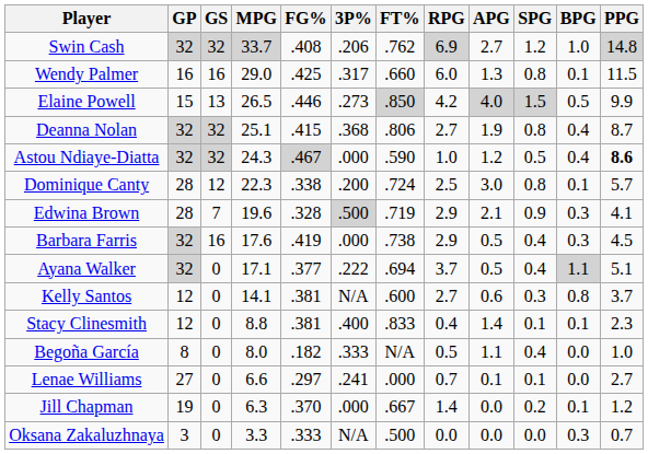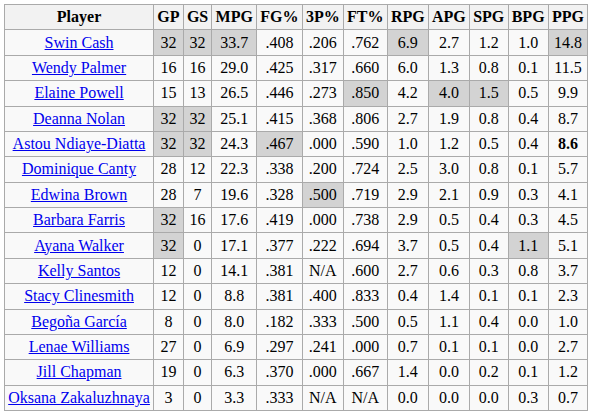 <table class="wikitable sortable" style="text-align:center;">
 <tr>
 <th>Player</th>
 <th>GP</th>
 <th>GS</th>
 <th>MPG</th>
 <th>FG%</th>
 <th>3P%</th>
 <th>FT%</th>
 <th>RPG</th>
 <th>APG</th>
 <th>SPG</th>
 <th>BPG</th>
 <th>PPG</th>
 </tr>
 <tr>
 <td><a href='#'>Swin Cash</a></td>
 <td style="background:#D3D3D3;">32</td>
 <td style="background:#D3D3D3;">32</td>
 <td style="background:#D3D3D3;">33.7</td>
 <td>.408</td>
 <td>.206</td>
 <td>.762</td>
 <td style="background:#D3D3D3;">6.9</td>
 <td>2.7</td>
 <td>1.2</td>
 <td>1.0</td>
 <td style="background:#D3D3D3;">14.8</td>
 </tr>
 <tr>
 <td><a href='#'>Wendy Palmer</a></td>
 <td>16</td>
 <td>16</td>
 <td>29.0</td>
 <td>.425</td>
 <td>.317</td>
 <td>.660</td>
 <td>6.0</td>
 <td>1.3</td>
 <td>0.8</td>
 <td>0.1</td>
 <td>11.5</td>
 </tr>
 <tr>
 <td><a href='#'>Elaine Powell</a></td>
 <td>15</td>
 <td>13</td>
 <td>26.5</td>
 <td>.446</td>
 <td>.273</td>
 <td style="background:#D3D3D3;">.850</td>
 <td>4.2</td>
 <td style="background:#D3D3D3;">4.0</td>
 <td style="background:#D3D3D3;">1.5</td>
 <td>0.5</td>
 <td>9.9</td>
 </tr>
 <tr>
 <td><a href='#'>Deanna Nolan</a></td>
 <td style="background:#D3D3D3;">32</td>
 <td style="background:#D3D3D3;">32</td>
 <td>25.1</td>
 <td>.415</td>
 <td>.368</td>
 <td>.806</td>
 <td>2.7</td>
 <td>1.9</td>
 <td>0.8</td>
 <td>0.4</td>
 <td>8.7</td>
 </tr>
 <tr>
 <td><a href='#'>Astou Ndiaye-Diatta</a></td>
 <td style="background:#D3D3D3;">32</td>
 <td style="background:#D3D3D3;">32</td>
 <td>24.3</td>
 <td style="background:#D3D3D3;">.467</td>
 <td>.000</td>
 <td>.590</td>
 <td>1.0</td>
 <td>1.2</td>
 <td>0.5</td>
 <td>0.4</td>
 <td><strong>8.6</strong></td>
 </tr>
 <tr>
 <td><a href='#'>Dominique Canty</a></td>
 <td>28</td>
 <td>12</td>
 <td>22.3</td>
 <td>.338</td>
 <td>.200</td>
 <td>.724</td>
 <td>2.5</td>
 <td>3.0</td>
 <td>0.8</td>
 <td>0.1</td>
 <td>5.7</td>
 </tr>
 <tr>
 <td><a href='#'>Edwina Brown</a></td>
 <td>28</td>
 <td>7</td>
 <td>19.6</td>
 <td>.328</td>
 <td style="background:#D3D3D3;">.500</td>
 <td>.719</td>
 <td>2.9</td>
 <td>2.1</td>
 <td>0.9</td>
 <td>0.3</td>
 <td>4.1</td>
 </tr>
 <tr>
 <td><a href='#'>Barbara Farris</a></td>
 <td style="background:#D3D3D3;">32</td>
 <td>16</td>
 <td>17.6</td>
 <td>.419</td>
 <td>.000</td>
 <td>.738</td>
 <td>2.9</td>
 <td>0.5</td>
 <td>0.4</td>
 <td>0.3</td>
 <td>4.5</td>
 </tr>
 <tr>
 <td><a href='#'>Ayana Walker</a></td>
 <td style="background:#D3D3D3;">32</td>
 <td>0</td>
 <td>17.1</td>
 <td>.377</td>
 <td>.222</td>
 <td>.694</td>
 <td>3.7</td>
 <td>0.5</td>
 <td>0.4</td>
 <td style="background:#D3D3D3;">1.1</td>
 <td>5.1</td>
 </tr>
 <tr>
 <td><a href='#'>Kelly Santos</a></td>
 <td>12</td>
 <td>0</td>
 <td>14.1</td>
 <td>.381</td>
 <td>N/A</td>
 <td>.600</td>
 <td>2.7</td>
 <td>0.6</td>
 <td>0.3</td>
 <td>0.8</td>
 <td>3.7</td>
 </tr>
 <tr>
 <td><a href='#'>Stacy Clinesmith</a></td>
 <td>12</td>
 <td>0</td>
 <td>8.8</td>
 <td>.381</td>
 <td>.400</td>
 <td>.833</td>
 <td>0.4</td>
 <td>1.4</td>
 <td>0.1</td>
 <td>0.1</td>
 <td>2.3</td>
 </tr>
 <tr>
 <td><a href='#'>Begoña García</a></td>
 <td>8</td>
 <td>0</td>
 <td>8.0</td>
 <td>.182</td>
 <td>.333</td>
-<td>N/A</td>
+<td>.500</td>
 <td>0.5</td>
 <td>1.1</td>
 <td>0.4</td>
 <td>0.0</td>
 <td>1.0</td>
 </tr>
 <tr>
 <td><a href='#'>Lenae Williams</a></td>
 <td>27</td>
 <td>0</td>
-<td>6.6</td>
+<td>6.9</td>
 <td>.297</td>
 <td>.241</td>
 <td>.000</td>
 <td>0.7</td>
 <td>0.1</td>
 <td>0.1</td>
 <td>0.0</td>
 <td>2.7</td>
 </tr>
 <tr>
 <td><a href='#'>Jill Chapman</a></td>
 <td>19</td>
 <td>0</td>
 <td>6.3</td>
 <td>.370</td>
 <td>.000</td>
 <td>.667</td>
 <td>1.4</td>
 <td>0.0</td>
 <td>0.2</td>
 <td>0.1</td>
 <td>1.2</td>
 </tr>
 <tr>
 <td><a href='#'>Oksana Zakaluzhnaya</a></td>
 <td>3</td>
 <td>0</td>
 <td>3.3</td>
 <td>.333</td>
 <td>N/A</td>
-<td>.500</td>
+<td>N/A</td>
 <td>0.0</td>
 <td>0.0</td>
 <td>0.0</td>
 <td>0.3</td>
 <td>0.7</td>
 </tr>
 </table>
